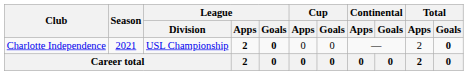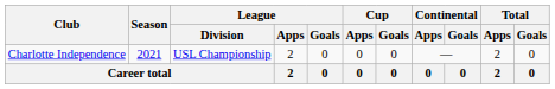 <table class=wikitable style=text-align:center>
 <tr>
 <th rowspan=2>Club</th>
 <th rowspan=2>Season</th>
 <th colspan=3>League</th>
 <th colspan=2>Cup</th>
 <th colspan=2>Continental</th>
 <th colspan=2>Total</th>
 </tr>
 <tr>
 <th>Division</th>
 <th>Apps</th>
 <th>Goals</th>
 <th>Apps</th>
 <th>Goals</th>
 <th>Apps</th>
 <th>Goals</th>
 <th>Apps</th>
 <th>Goals</th>
 </tr>
 <tr>
 <td rowspan=1><a href='#'>Charlotte Independence</a></td>
 <td><a href='#'>2021</a></td>
 <td><a href='#'>USL Championship</a></td>
-<td><strong>2</strong></td>
-<td><strong>0</strong></td>
+<td>2</td>
+<td>0</td>
 <td>0</td>
 <td>0</td>
 <td colspan=2>—</td>
 <td>2</td>
-<td><strong>0</strong></td>
+<td>0</td>
 </tr>
 <tr>
 <th colspan=3>Career total</th>
 <th>2</th>
 <th>0</th>
 <th>0</th>
 <th>0</th>
 <th>0</th>
 <th>0</th>
 <th>2</th>
 <th>0</th>
 </tr>
 </table>
